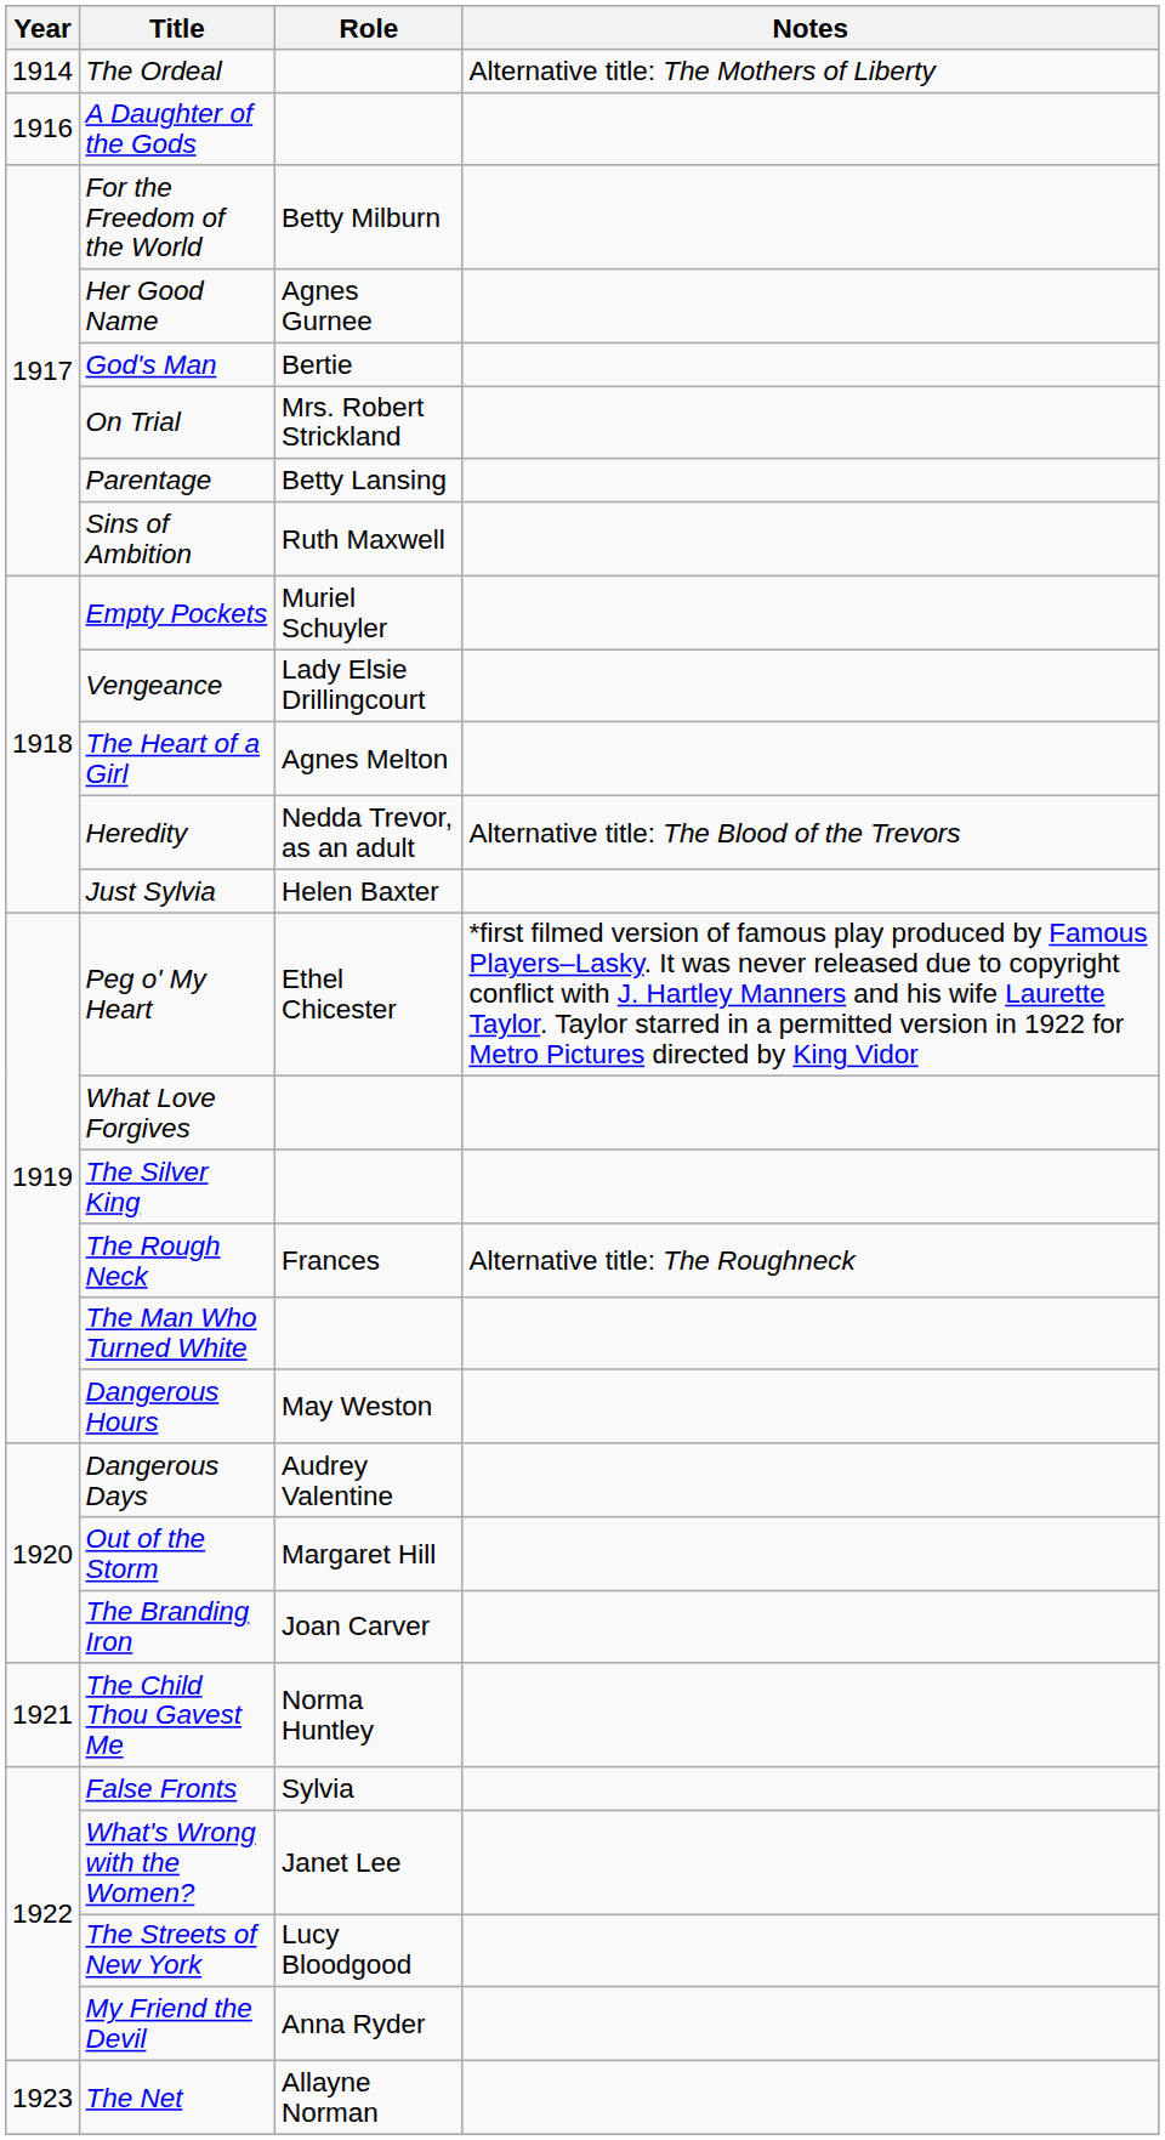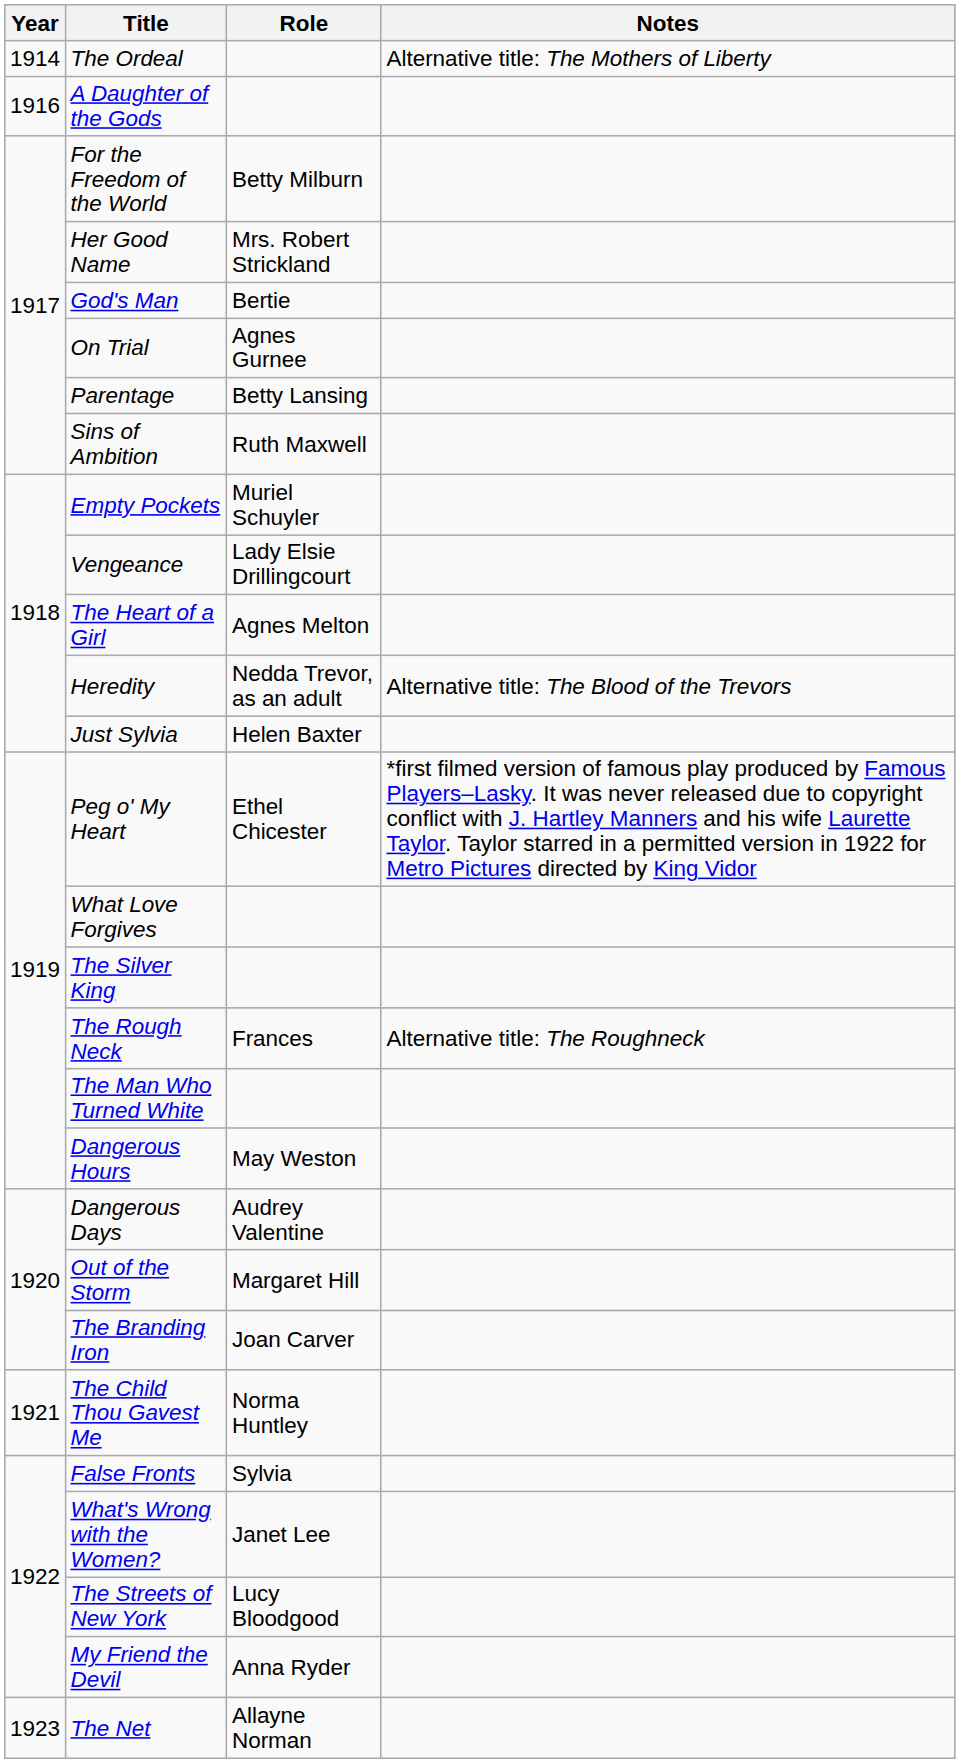 <table class="wikitable" style="font-size: 90%;">
 <tr>
 <th>Year</th>
 <th>Title</th>
 <th>Role</th>
 <th>Notes</th>
 </tr>
 <tr>
 <td>1914</td>
 <td><em>The Ordeal</em></td>
 <td></td>
 <td>Alternative title: <em>The Mothers of Liberty</em></td>
 </tr>
 <tr>
 <td>1916</td>
 <td><em><a href='#'>A Daughter of the Gods</a></em></td>
 <td></td>
 <td></td>
 </tr>
 <tr>
 <td rowspan=6>1917</td>
 <td><em>For the Freedom of the World</em></td>
 <td>Betty Milburn</td>
 <td></td>
 </tr>
 <tr>
 <td><em>Her Good Name</em></td>
-<td>Agnes Gurnee</td>
+<td>Mrs. Robert Strickland</td>
 <td></td>
 </tr>
 <tr>
 <td><em><a href='#'>God's Man</a></em></td>
 <td>Bertie</td>
 <td></td>
 </tr>
 <tr>
 <td><em>On Trial</em></td>
-<td>Mrs. Robert Strickland</td>
+<td>Agnes Gurnee</td>
 <td></td>
 </tr>
 <tr>
 <td><em>Parentage</em></td>
 <td>Betty Lansing</td>
 <td></td>
 </tr>
 <tr>
 <td><em>Sins of Ambition</em></td>
 <td>Ruth Maxwell</td>
 <td></td>
 </tr>
 <tr>
 <td rowspan=5>1918</td>
 <td><em><a href='#'>Empty Pockets</a></em></td>
 <td>Muriel Schuyler</td>
 <td></td>
 </tr>
 <tr>
 <td><em>Vengeance</em></td>
 <td>Lady Elsie Drillingcourt</td>
 <td></td>
 </tr>
 <tr>
 <td><em><a href='#'>The Heart of a Girl</a></em></td>
 <td>Agnes Melton</td>
 <td></td>
 </tr>
 <tr>
 <td><em>Heredity</em></td>
 <td>Nedda Trevor, as an adult</td>
 <td>Alternative title: <em>The Blood of the Trevors</em></td>
 </tr>
 <tr>
 <td><em>Just Sylvia</em></td>
 <td>Helen Baxter</td>
 <td></td>
 </tr>
 <tr>
 <td rowspan=6>1919</td>
 <td><em>Peg o' My Heart</em></td>
 <td>Ethel Chicester</td>
 <td>*first filmed version of famous play produced by <a href='#'>Famous Players–Lasky</a>. It was never released due to copyright conflict with <a href='#'>J. Hartley Manners</a> and his wife <a href='#'>Laurette Taylor</a>. Taylor starred in a permitted version in 1922 for <a href='#'>Metro Pictures</a> directed by <a href='#'>King Vidor</a></td>
 </tr>
 <tr>
 <td><em>What Love Forgives</em></td>
 <td></td>
 <td></td>
 </tr>
 <tr>
 <td><em><a href='#'>The Silver King</a></em></td>
 <td></td>
 <td></td>
 </tr>
 <tr>
 <td><em><a href='#'>The Rough Neck</a></em></td>
 <td>Frances</td>
 <td>Alternative title: <em>The Roughneck</em></td>
 </tr>
 <tr>
 <td><em><a href='#'>The Man Who Turned White</a></em></td>
 <td></td>
 <td></td>
 </tr>
 <tr>
 <td><em><a href='#'>Dangerous Hours</a></em></td>
 <td>May Weston</td>
 <td></td>
 </tr>
 <tr>
 <td rowspan=3>1920</td>
 <td><em>Dangerous Days</em></td>
 <td>Audrey Valentine</td>
 <td></td>
 </tr>
 <tr>
 <td><em><a href='#'>Out of the Storm</a></em></td>
 <td>Margaret Hill</td>
 <td></td>
 </tr>
 <tr>
 <td><em><a href='#'>The Branding Iron</a></em></td>
 <td>Joan Carver</td>
 <td></td>
 </tr>
 <tr>
 <td>1921</td>
 <td><em><a href='#'>The Child Thou Gavest Me</a></em></td>
 <td>Norma Huntley</td>
 <td></td>
 </tr>
 <tr>
 <td rowspan=4>1922</td>
 <td><em><a href='#'>False Fronts</a></em></td>
 <td>Sylvia</td>
 <td></td>
 </tr>
 <tr>
 <td><em><a href='#'>What's Wrong with the Women?</a></em></td>
 <td>Janet Lee</td>
 <td></td>
 </tr>
 <tr>
 <td><em><a href='#'>The Streets of New York</a></em></td>
 <td>Lucy Bloodgood</td>
 <td></td>
 </tr>
 <tr>
 <td><em><a href='#'>My Friend the Devil</a></em></td>
 <td>Anna Ryder</td>
 <td></td>
 </tr>
 <tr>
 <td>1923</td>
 <td><em><a href='#'>The Net</a></em></td>
 <td>Allayne Norman</td>
 <td></td>
 </tr>
 </table>
